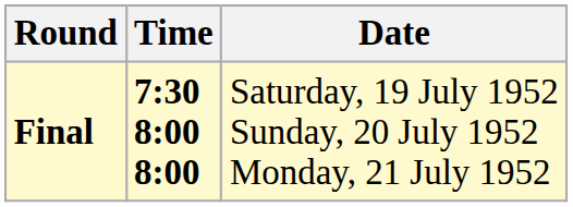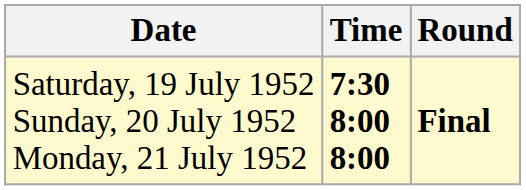 <table class="wikitable">
 <tr>
+<th>Date</th>
+<th>Time</th>
 <th>Round</th>
-<th>Time</th>
-<th>Date</th>
 </tr>
 <tr style=background:lemonchiffon>
+<td>Saturday, 19 July 1952<br>Sunday, 20 July 1952<br>Monday, 21 July 1952</td>
+<td><strong>7:30</strong><br><strong>8:00</strong><br><strong>8:00</strong></td>
 <td><strong>Final</strong></td>
-<td><strong>7:30</strong><br><strong>8:00</strong><br><strong>8:00</strong></td>
-<td>Saturday, 19 July 1952<br>Sunday, 20 July 1952<br>Monday, 21 July 1952</td>
 </tr>
 </table>
